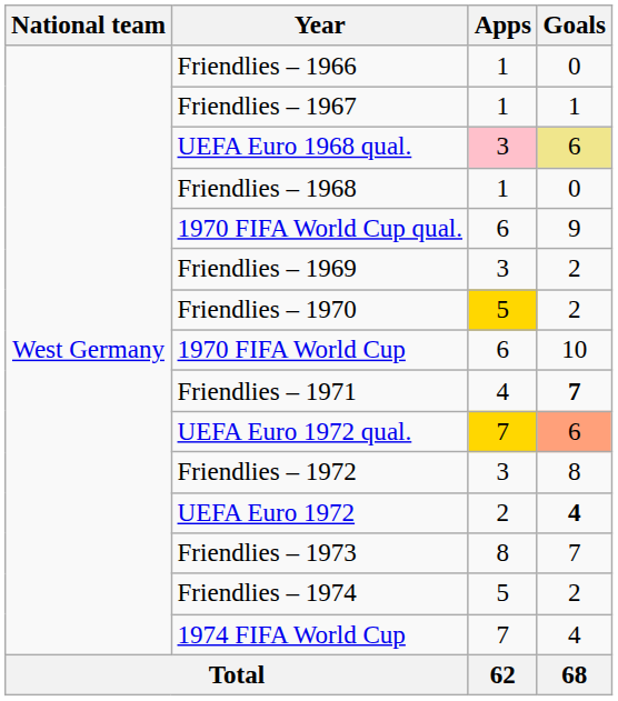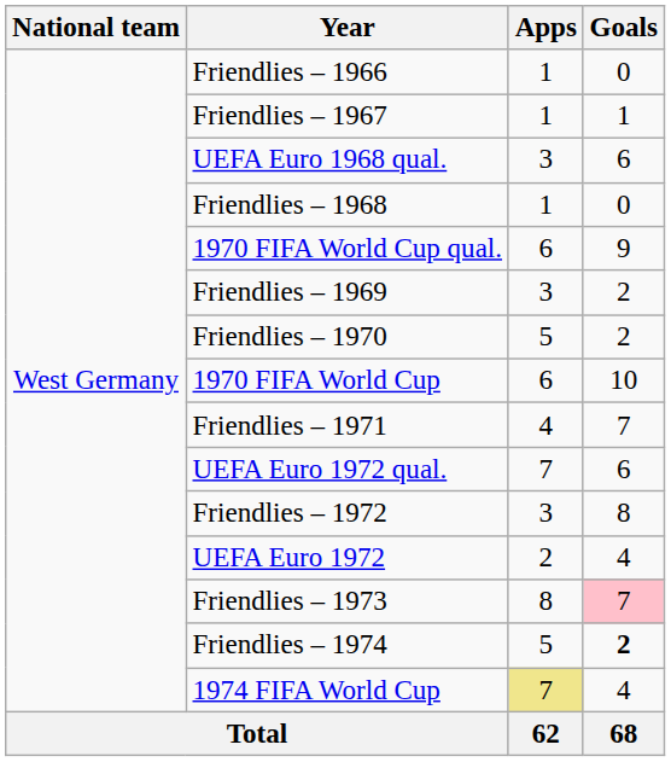 <table class="wikitable" style="text-align:center">
 <tr>
 <th>National team</th>
 <th>Year</th>
 <th>Apps</th>
 <th>Goals</th>
 </tr>
 <tr>
 <td rowspan="15"><a href='#'>West Germany</a></td>
 <td align="left">Friendlies – 1966</td>
 <td>1</td>
 <td>0</td>
 </tr>
 <tr>
 <td align="left">Friendlies – 1967</td>
 <td>1</td>
 <td>1</td>
 </tr>
 <tr>
 <td align="left"><a href='#'>UEFA Euro 1968 qual.</a></td>
-<td style="background: pink;">3</td>
-<td style="background: khaki;">6</td>
+<td>3</td>
+<td>6</td>
 </tr>
 <tr>
 <td align="left">Friendlies – 1968</td>
 <td>1</td>
 <td>0</td>
 </tr>
 <tr>
 <td align="left"><a href='#'>1970 FIFA World Cup qual.</a></td>
 <td>6</td>
 <td>9</td>
 </tr>
 <tr>
 <td align="left">Friendlies – 1969</td>
 <td>3</td>
 <td>2</td>
 </tr>
 <tr>
 <td align="left">Friendlies – 1970</td>
-<td style="background: gold;">5</td>
+<td>5</td>
 <td>2</td>
 </tr>
 <tr>
 <td align="left"><a href='#'>1970 FIFA World Cup</a></td>
 <td>6</td>
 <td>10</td>
 </tr>
 <tr>
 <td align="left">Friendlies – 1971</td>
 <td>4</td>
-<td><strong>7</strong></td>
+<td>7</td>
 </tr>
 <tr>
 <td align="left"><a href='#'>UEFA Euro 1972 qual.</a></td>
-<td style="background: gold;">7</td>
-<td style="background: lightsalmon;">6</td>
+<td>7</td>
+<td>6</td>
 </tr>
 <tr>
 <td align="left">Friendlies – 1972</td>
 <td>3</td>
 <td>8</td>
 </tr>
 <tr>
 <td align="left"><a href='#'>UEFA Euro 1972</a></td>
 <td>2</td>
-<td><strong>4</strong></td>
+<td>4</td>
 </tr>
 <tr>
 <td align="left">Friendlies – 1973</td>
 <td>8</td>
-<td>7</td>
+<td style="background: pink;">7</td>
 </tr>
 <tr>
 <td align="left">Friendlies – 1974</td>
 <td>5</td>
-<td>2</td>
+<td><strong>2</strong></td>
 </tr>
 <tr>
 <td align="left"><a href='#'>1974 FIFA World Cup</a></td>
-<td>7</td>
+<td style="background: khaki;">7</td>
 <td>4</td>
 </tr>
 <tr>
 <th colspan="2">Total</th>
 <th>62</th>
 <th>68</th>
 </tr>
 </table>
